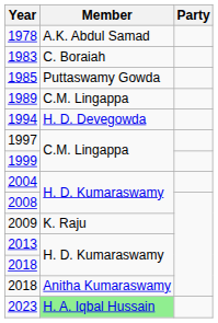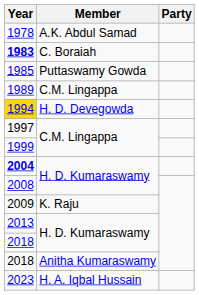 <table class="wikitable sortable">
 <tr>
 <th>Year</th>
 <th>Member</th>
 <th colspan="2">Party</th>
 </tr>
 <tr>
 <td><a href='#'>1978</a></td>
 <td>A.K. Abdul Samad</td>
 <td></td>
 </tr>
 <tr>
-<td><a href='#'>1983</a></td>
+<td><strong><a href='#'>1983</a></strong></td>
 <td>C. Boraiah</td>
 <td></td>
 </tr>
 <tr>
 <td><a href='#'>1985</a></td>
 <td>Puttaswamy Gowda</td>
 </tr>
 <tr>
 <td><a href='#'>1989</a></td>
 <td>C.M. Lingappa</td>
 <td></td>
 </tr>
 <tr>
-<td><a href='#'>1994</a></td>
+<td style="background: gold;"><a href='#'>1994</a></td>
 <td><a href='#'>H. D. Devegowda</a></td>
 <td></td>
 </tr>
 <tr>
 <td>1997</td>
 <td rowspan=2>C.M. Lingappa</td>
 <td></td>
 </tr>
 <tr>
 <td><a href='#'>1999</a></td>
 </tr>
 <tr>
-<td><a href='#'>2004</a></td>
+<td><strong><a href='#'>2004</a></strong></td>
 <td rowspan=2><a href='#'>H. D. Kumaraswamy</a></td>
 <td></td>
 </tr>
 <tr>
 <td><a href='#'>2008</a></td>
 </tr>
 <tr>
 <td>2009</td>
 <td>K. Raju</td>
 </tr>
 <tr>
 <td><a href='#'>2013</a></td>
 <td rowspan=2>H. D. Kumaraswamy</td>
 </tr>
 <tr>
 <td><a href='#'>2018</a></td>
 </tr>
 <tr>
 <td>2018</td>
 <td><a href='#'>Anitha Kumaraswamy</a></td>
 </tr>
 <tr>
 <td><a href='#'>2023</a></td>
-<td style="background: lightgreen;"><a href='#'>H. A. Iqbal Hussain</a></td>
+<td><a href='#'>H. A. Iqbal Hussain</a></td>
 <td></td>
 </tr>
 </table>
